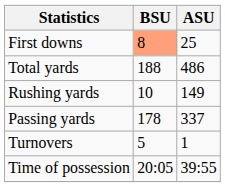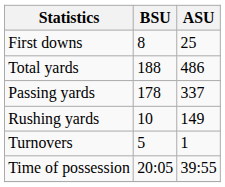 <table class="wikitable" style="float: left;">
 <tr>
 <th>Statistics</th>
 <th>BSU</th>
 <th>ASU</th>
 </tr>
 <tr>
 <td>First downs</td>
-<td style="background: lightsalmon;">8</td>
+<td>8</td>
 <td>25</td>
 </tr>
 <tr>
 <td>Total yards</td>
 <td>188</td>
 <td>486</td>
 </tr>
 <tr>
+<td>Passing yards</td>
+<td>178</td>
+<td>337</td>
+</tr>
+<tr>
 <td>Rushing yards</td>
 <td>10</td>
 <td>149</td>
-</tr>
-<tr>
-<td>Passing yards</td>
-<td>178</td>
-<td>337</td>
 </tr>
 <tr>
 <td>Turnovers</td>
 <td>5</td>
 <td>1</td>
 </tr>
 <tr>
 <td>Time of possession</td>
 <td>20:05</td>
 <td>39:55</td>
 </tr>
 <tr>
 </tr>
 </table>
